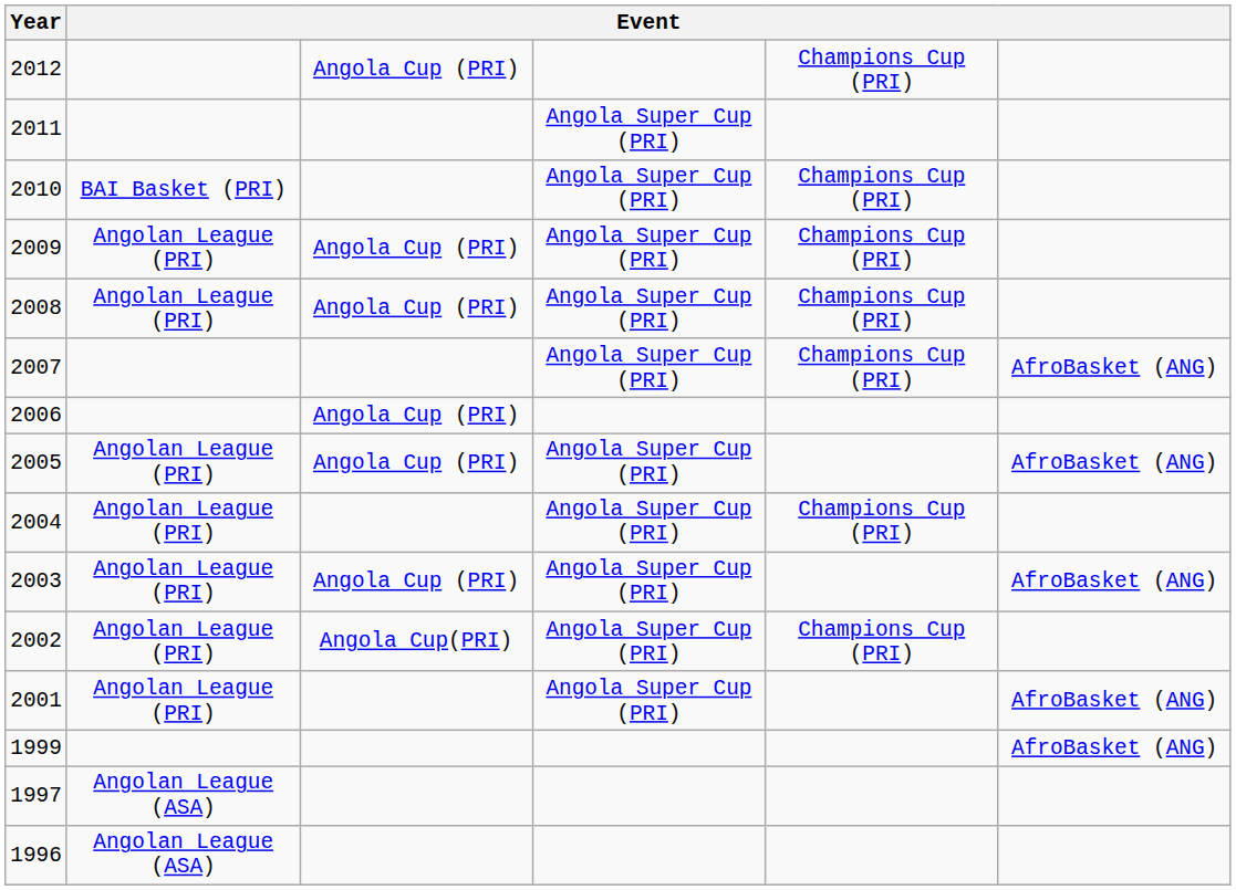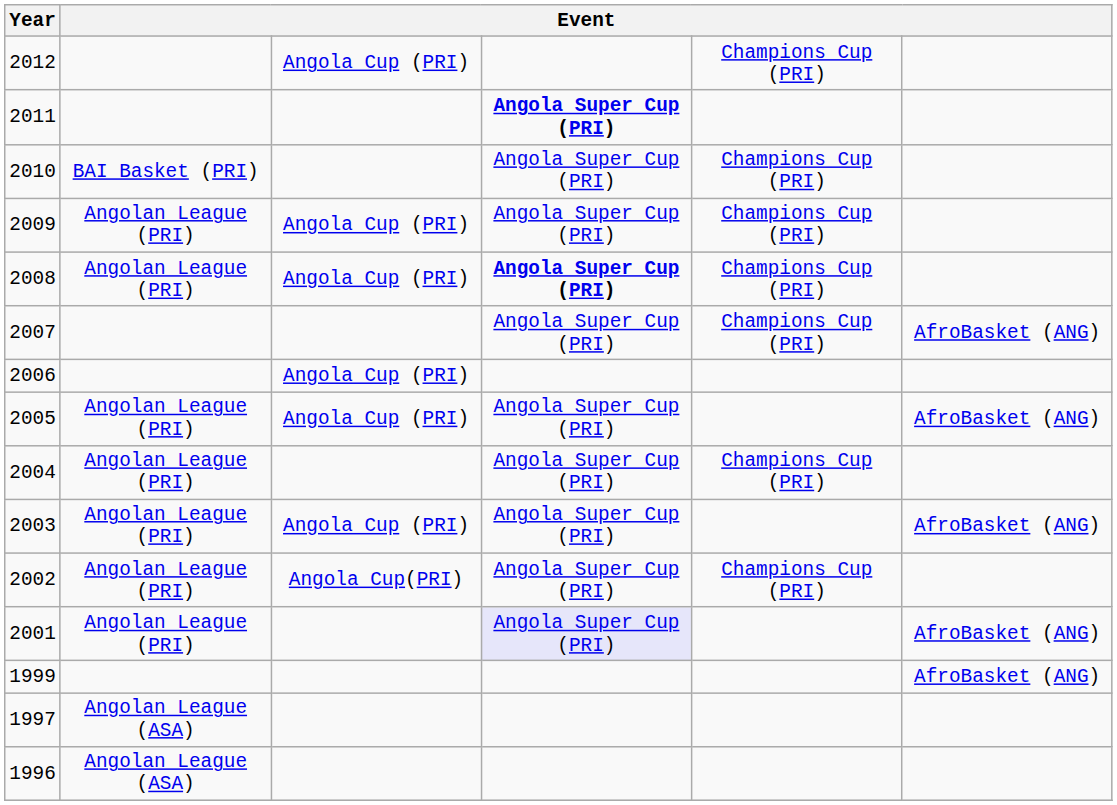 <table class="wikitable">
 <tr>
 <th width=25>Year</th>
 <th colspan="5">Event</th>
 </tr>
 <tr>
 <td>2012</td>
 <td></td>
 <td align="center"><a href='#'>Angola Cup</a><span> (<a href='#'>PRI</a>)</span></td>
 <td></td>
 <td align="center"><a href='#'>Champions Cup</a> <span>(<a href='#'>PRI</a>)</span></td>
 <td></td>
 </tr>
 <tr>
 <td>2011</td>
 <td></td>
 <td></td>
-<td align="center"><a href='#'>Angola Super Cup</a><span> (<a href='#'>PRI</a>)</span></td>
+<td align="center"><strong><a href='#'>Angola Super Cup</a><span> (<a href='#'>PRI</a>)</span></strong></td>
 <td></td>
 <td></td>
 </tr>
 <tr>
 <td>2010</td>
 <td align=center><a href='#'>BAI Basket</a> <span>(<a href='#'>PRI</a>)</span></td>
 <td></td>
 <td align="center"><a href='#'>Angola Super Cup</a><span> (<a href='#'>PRI</a>)</span></td>
 <td align="center"><a href='#'>Champions Cup</a> <span>(<a href='#'>PRI</a>)</span></td>
 <td></td>
 </tr>
 <tr>
 <td>2009</td>
 <td align=center><a href='#'>Angolan League</a> <span>(<a href='#'>PRI</a>)</span></td>
 <td width="135" align="center"><a href='#'>Angola Cup</a><span> (<a href='#'>PRI</a>)</span></td>
 <td width="135" align="center"><a href='#'>Angola Super Cup</a><span> (<a href='#'>PRI</a>)</span></td>
 <td align="center"><a href='#'>Champions Cup</a> <span>(<a href='#'>PRI</a>)</span></td>
 <td></td>
 </tr>
 <tr>
 <td>2008</td>
 <td align=center><a href='#'>Angolan League</a> <span>(<a href='#'>PRI</a>)</span></td>
 <td align="center"><a href='#'>Angola Cup</a><span> (<a href='#'>PRI</a>)</span></td>
-<td align="center"><a href='#'>Angola Super Cup</a><span> (<a href='#'>PRI</a>)</span></td>
+<td align="center"><strong><a href='#'>Angola Super Cup</a><span> (<a href='#'>PRI</a>)</span></strong></td>
 <td width="135" align="center"><a href='#'>Champions Cup</a> <span>(<a href='#'>PRI</a>)</span></td>
 <td></td>
 </tr>
 <tr>
 <td>2007</td>
 <td></td>
 <td></td>
 <td align=center><a href='#'>Angola Super Cup</a><span> (<a href='#'>PRI</a>)</span></td>
 <td align=center><a href='#'>Champions Cup</a> <span>(<a href='#'>PRI</a>)</span></td>
 <td align=center><a href='#'>AfroBasket</a> <span>(<a href='#'>ANG</a>)</span></td>
 </tr>
 <tr>
 <td>2006</td>
 <td></td>
 <td align=center><a href='#'>Angola Cup</a><span> (<a href='#'>PRI</a>)</span></td>
 <td></td>
 <td></td>
 <td></td>
 </tr>
 <tr>
 <td>2005</td>
 <td align=center><a href='#'>Angolan League</a> <span>(<a href='#'>PRI</a>)</span></td>
 <td align=center><a href='#'>Angola Cup</a><span> (<a href='#'>PRI</a>)</span></td>
 <td align=center><a href='#'>Angola Super Cup</a><span> (<a href='#'>PRI</a>)</span></td>
 <td></td>
 <td align=center><a href='#'>AfroBasket</a> <span>(<a href='#'>ANG</a>)</span></td>
 </tr>
 <tr>
 <td>2004</td>
 <td align=center><a href='#'>Angolan League</a> <span> (<a href='#'>PRI</a>)</span></td>
 <td></td>
 <td align=center><a href='#'>Angola Super Cup</a><span> (<a href='#'>PRI</a>)</span></td>
 <td align=center><a href='#'>Champions Cup</a> <span>(<a href='#'>PRI</a>)</span></td>
 <td></td>
 </tr>
 <tr>
 <td>2003</td>
 <td align=center><a href='#'>Angolan League</a> <span>(<a href='#'>PRI</a>)</span></td>
 <td align=center><a href='#'>Angola Cup</a><span> (<a href='#'>PRI</a>)</span></td>
 <td align=center><a href='#'>Angola Super Cup</a><span> (<a href='#'>PRI</a>)</span></td>
 <td></td>
 <td align="center"><a href='#'>AfroBasket</a> <span>(<a href='#'>ANG</a>)</span></td>
 </tr>
 <tr>
 <td>2002</td>
 <td align=center><a href='#'>Angolan League</a> <span>(<a href='#'>PRI</a>)</span></td>
 <td align=center><a href='#'>Angola Cup</a><span>(<a href='#'>PRI</a>)</span></td>
 <td align=center><a href='#'>Angola Super Cup</a><span> (<a href='#'>PRI</a>)</span></td>
 <td align=center><a href='#'>Champions Cup</a> <span>(<a href='#'>PRI</a>)</span></td>
 <td></td>
 </tr>
 <tr>
 <td>2001</td>
 <td width="135" align="center"><a href='#'>Angolan League</a> <span>(<a href='#'>PRI</a>)</span></td>
 <td></td>
-<td align=center><a href='#'>Angola Super Cup</a><span> (<a href='#'>PRI</a>)</span></td>
+<td align=center style="background: lavender;"><a href='#'>Angola Super Cup</a><span> (<a href='#'>PRI</a>)</span></td>
 <td></td>
 <td width="135" align="center"><a href='#'>AfroBasket</a> <span>(<a href='#'>ANG</a>)</span></td>
 </tr>
 <tr>
 <td>1999</td>
 <td></td>
 <td></td>
 <td></td>
 <td></td>
 <td width="135" align="center"><a href='#'>AfroBasket</a> <span>(<a href='#'>ANG</a>)</span></td>
 </tr>
 <tr>
 <td>1997</td>
 <td align=center><a href='#'>Angolan League</a> <span>(<a href='#'>ASA</a>)</span></td>
 <td></td>
 <td></td>
 <td></td>
 <td></td>
 </tr>
 <tr>
 <td>1996</td>
 <td align=center><a href='#'>Angolan League</a> <span>(<a href='#'>ASA</a>)</span></td>
 <td></td>
 <td></td>
 <td></td>
 <td></td>
 </tr>
 <tr>
 </tr>
 </table>
